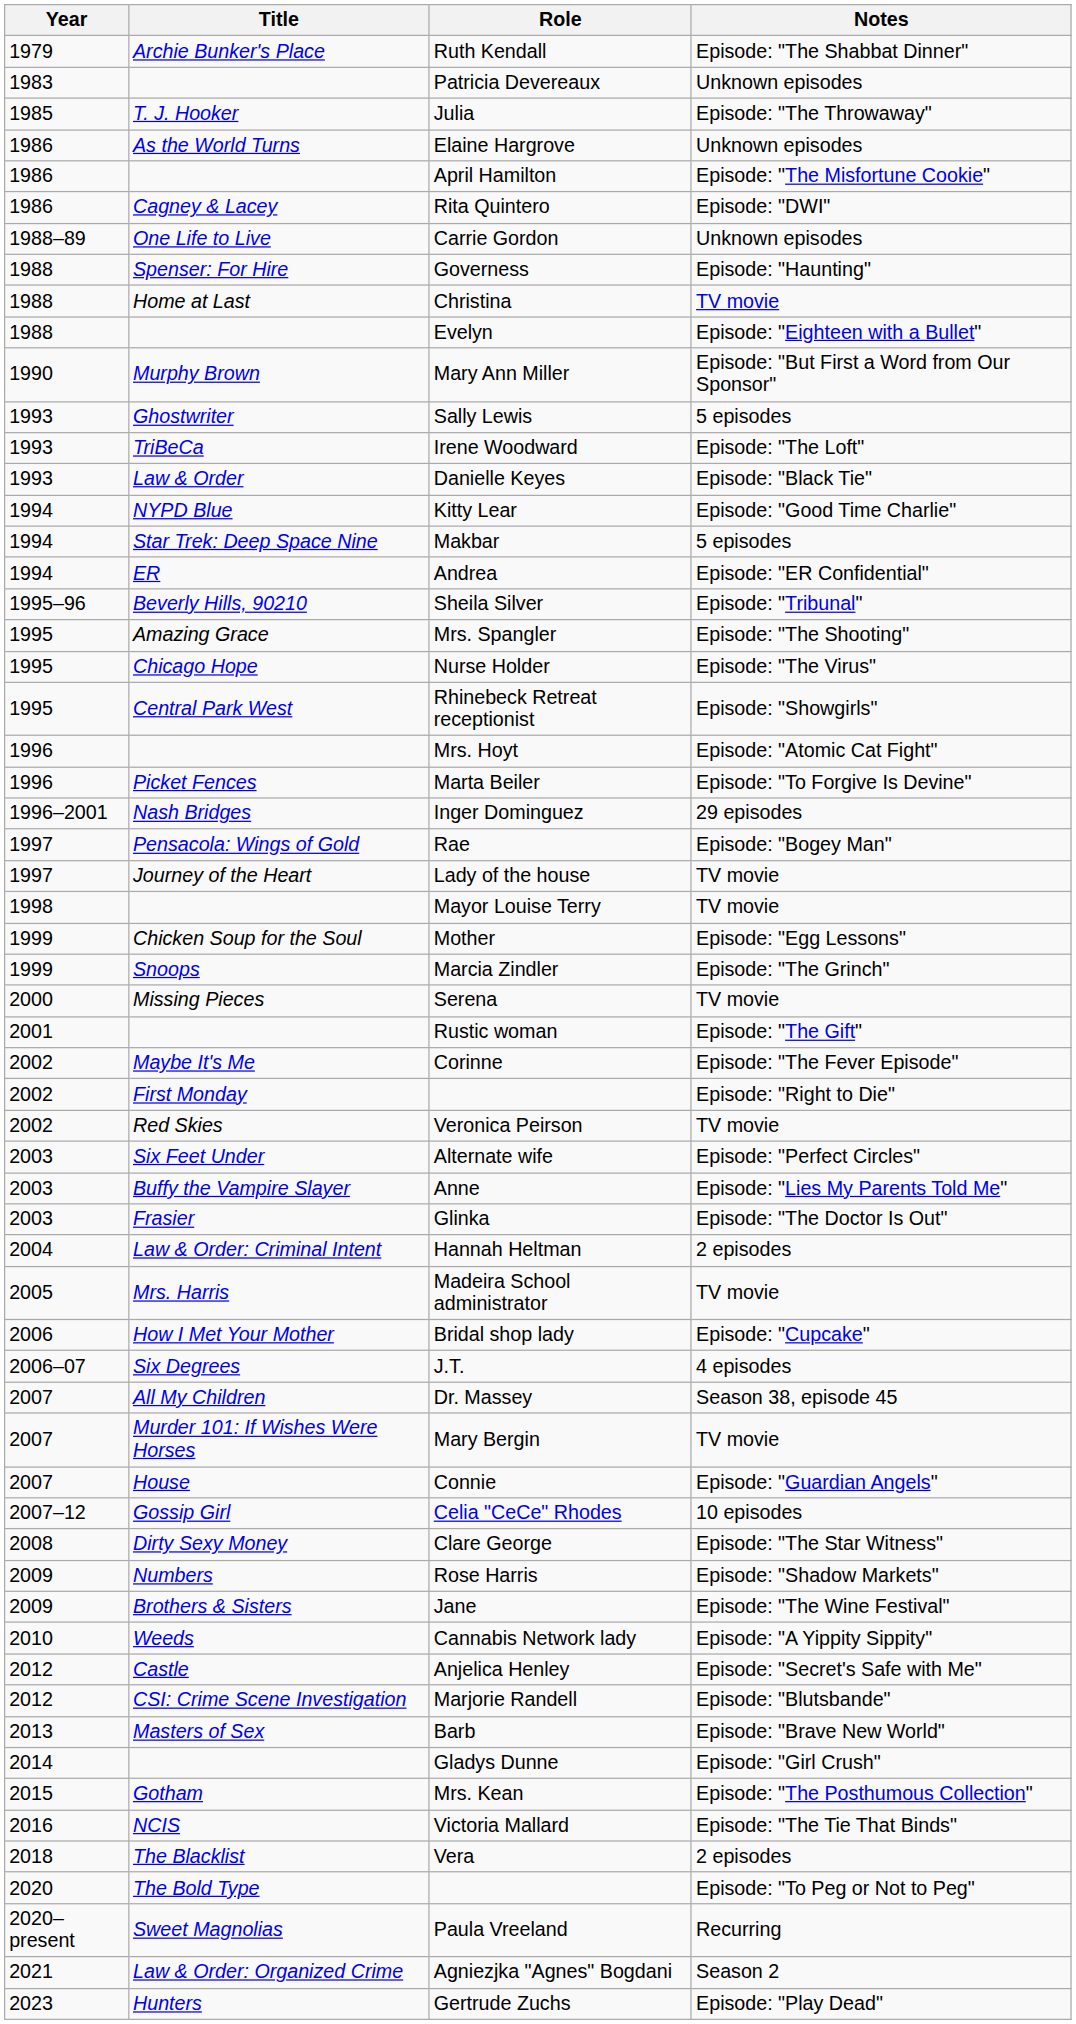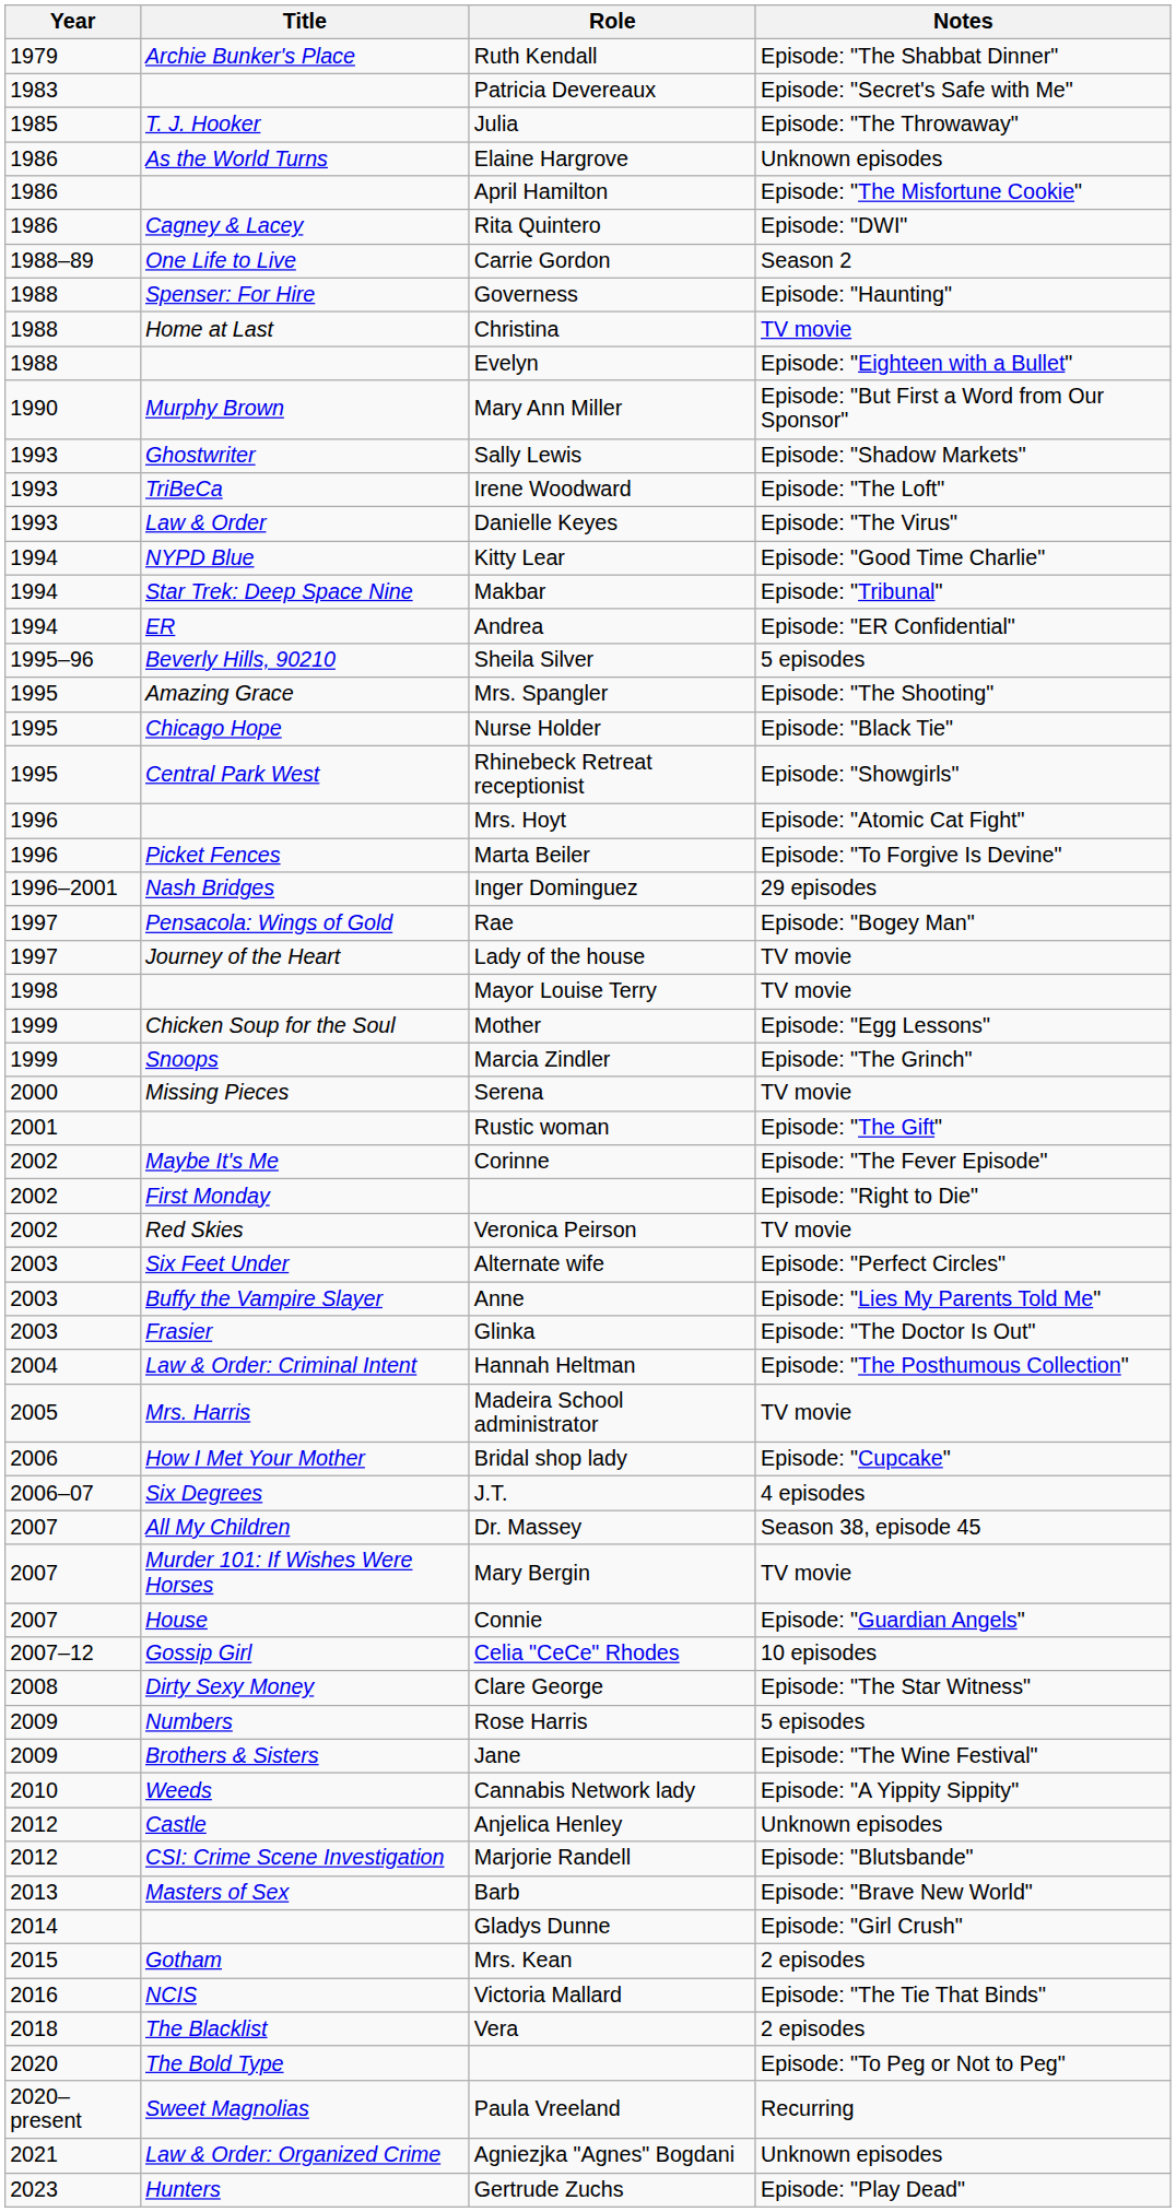 <table class="wikitable sortable">
 <tr>
 <th>Year</th>
 <th>Title</th>
 <th>Role</th>
 <th class="unsortable">Notes</th>
 </tr>
 <tr>
 <td>1979</td>
 <td><em><a href='#'>Archie Bunker's Place</a></em></td>
 <td>Ruth Kendall</td>
 <td>Episode: "The Shabbat Dinner"</td>
 </tr>
 <tr>
 <td>1983</td>
 <td><em></em></td>
 <td>Patricia Devereaux</td>
-<td>Unknown episodes</td>
+<td>Episode: "Secret's Safe with Me"</td>
 </tr>
 <tr>
 <td>1985</td>
 <td><em><a href='#'>T. J. Hooker</a></em></td>
 <td>Julia</td>
 <td>Episode: "The Throwaway"</td>
 </tr>
 <tr>
 <td>1986</td>
 <td><em><a href='#'>As the World Turns</a></em></td>
 <td>Elaine Hargrove</td>
 <td>Unknown episodes</td>
 </tr>
 <tr>
 <td>1986</td>
 <td><em></em></td>
 <td>April Hamilton</td>
 <td>Episode: "<a href='#'>The Misfortune Cookie</a>"</td>
 </tr>
 <tr>
 <td>1986</td>
 <td><em><a href='#'>Cagney & Lacey</a></em></td>
 <td>Rita Quintero</td>
 <td>Episode: "DWI"</td>
 </tr>
 <tr>
 <td>1988–89</td>
 <td><em><a href='#'>One Life to Live</a></em></td>
 <td>Carrie Gordon</td>
-<td>Unknown episodes</td>
+<td>Season 2</td>
 </tr>
 <tr>
 <td>1988</td>
 <td><em><a href='#'>Spenser: For Hire</a></em></td>
 <td>Governess</td>
 <td>Episode: "Haunting"</td>
 </tr>
 <tr>
 <td>1988</td>
 <td><em>Home at Last</em></td>
 <td>Christina</td>
 <td><a href='#'>TV movie</a></td>
 </tr>
 <tr>
 <td>1988</td>
 <td><em></em></td>
 <td>Evelyn</td>
 <td>Episode: "<a href='#'>Eighteen with a Bullet</a>"</td>
 </tr>
 <tr>
 <td>1990</td>
 <td><em><a href='#'>Murphy Brown</a></em></td>
 <td>Mary Ann Miller</td>
 <td>Episode: "But First a Word from Our Sponsor"</td>
 </tr>
 <tr>
 <td>1993</td>
 <td><em><a href='#'>Ghostwriter</a></em></td>
 <td>Sally Lewis</td>
-<td>5 episodes</td>
+<td>Episode: "Shadow Markets"</td>
 </tr>
 <tr>
 <td>1993</td>
 <td><em><a href='#'>TriBeCa</a></em></td>
 <td>Irene Woodward</td>
 <td>Episode: "The Loft"</td>
 </tr>
 <tr>
 <td>1993</td>
 <td><em><a href='#'>Law & Order</a></em></td>
 <td>Danielle Keyes</td>
-<td>Episode: "Black Tie"</td>
+<td>Episode: "The Virus"</td>
 </tr>
 <tr>
 <td>1994</td>
 <td><em><a href='#'>NYPD Blue</a></em></td>
 <td>Kitty Lear</td>
 <td>Episode: "Good Time Charlie"</td>
 </tr>
 <tr>
 <td>1994</td>
 <td><em><a href='#'>Star Trek: Deep Space Nine</a></em></td>
 <td>Makbar</td>
-<td>5 episodes</td>
+<td>Episode: "<a href='#'>Tribunal</a>"</td>
 </tr>
 <tr>
 <td>1994</td>
 <td><em><a href='#'>ER</a></em></td>
 <td>Andrea</td>
 <td>Episode: "ER Confidential"</td>
 </tr>
 <tr>
 <td>1995–96</td>
 <td><em><a href='#'>Beverly Hills, 90210</a></em></td>
 <td>Sheila Silver</td>
-<td>Episode: "<a href='#'>Tribunal</a>"</td>
+<td>5 episodes</td>
 </tr>
 <tr>
 <td>1995</td>
 <td><em>Amazing Grace</em></td>
 <td>Mrs. Spangler</td>
 <td>Episode: "The Shooting"</td>
 </tr>
 <tr>
 <td>1995</td>
 <td><em><a href='#'>Chicago Hope</a></em></td>
 <td>Nurse Holder</td>
-<td>Episode: "The Virus"</td>
+<td>Episode: "Black Tie"</td>
 </tr>
 <tr>
 <td>1995</td>
 <td><em><a href='#'>Central Park West</a></em></td>
 <td>Rhinebeck Retreat receptionist</td>
 <td>Episode: "Showgirls"</td>
 </tr>
 <tr>
 <td>1996</td>
 <td><em></em></td>
 <td>Mrs. Hoyt</td>
 <td>Episode: "Atomic Cat Fight"</td>
 </tr>
 <tr>
 <td>1996</td>
 <td><em><a href='#'>Picket Fences</a></em></td>
 <td>Marta Beiler</td>
 <td>Episode: "To Forgive Is Devine"</td>
 </tr>
 <tr>
 <td>1996–2001</td>
 <td><em><a href='#'>Nash Bridges</a></em></td>
 <td>Inger Dominguez</td>
 <td>29 episodes</td>
 </tr>
 <tr>
 <td>1997</td>
 <td><em><a href='#'>Pensacola: Wings of Gold</a></em></td>
 <td>Rae</td>
 <td>Episode: "Bogey Man"</td>
 </tr>
 <tr>
 <td>1997</td>
 <td><em>Journey of the Heart</em></td>
 <td>Lady of the house</td>
 <td>TV movie</td>
 </tr>
 <tr>
 <td>1998</td>
 <td><em></em></td>
 <td>Mayor Louise Terry</td>
 <td>TV movie</td>
 </tr>
 <tr>
 <td>1999</td>
 <td><em>Chicken Soup for the Soul</em></td>
 <td>Mother</td>
 <td>Episode: "Egg Lessons"</td>
 </tr>
 <tr>
 <td>1999</td>
 <td><em><a href='#'>Snoops</a></em></td>
 <td>Marcia Zindler</td>
 <td>Episode: "The Grinch"</td>
 </tr>
 <tr>
 <td>2000</td>
 <td><em>Missing Pieces</em></td>
 <td>Serena</td>
 <td>TV movie</td>
 </tr>
 <tr>
 <td>2001</td>
 <td><em></em></td>
 <td>Rustic woman</td>
 <td>Episode: "<a href='#'>The Gift</a>"</td>
 </tr>
 <tr>
 <td>2002</td>
 <td><em><a href='#'>Maybe It's Me</a></em></td>
 <td>Corinne</td>
 <td>Episode: "The Fever Episode"</td>
 </tr>
 <tr>
 <td>2002</td>
 <td><em><a href='#'>First Monday</a></em></td>
 <td></td>
 <td>Episode: "Right to Die"</td>
 </tr>
 <tr>
 <td>2002</td>
 <td><em>Red Skies</em></td>
 <td>Veronica Peirson</td>
 <td>TV movie</td>
 </tr>
 <tr>
 <td>2003</td>
 <td><em><a href='#'>Six Feet Under</a></em></td>
 <td>Alternate wife</td>
 <td>Episode: "Perfect Circles"</td>
 </tr>
 <tr>
 <td>2003</td>
 <td><em><a href='#'>Buffy the Vampire Slayer</a></em></td>
 <td>Anne</td>
 <td>Episode: "<a href='#'>Lies My Parents Told Me</a>"</td>
 </tr>
 <tr>
 <td>2003</td>
 <td><em><a href='#'>Frasier</a></em></td>
 <td>Glinka</td>
 <td>Episode: "The Doctor Is Out"</td>
 </tr>
 <tr>
 <td>2004</td>
 <td><em><a href='#'>Law & Order: Criminal Intent</a></em></td>
 <td>Hannah Heltman</td>
-<td>2 episodes</td>
+<td>Episode: "<a href='#'>The Posthumous Collection</a>"</td>
 </tr>
 <tr>
 <td>2005</td>
 <td><em><a href='#'>Mrs. Harris</a></em></td>
 <td>Madeira School administrator</td>
 <td>TV movie</td>
 </tr>
 <tr>
 <td>2006</td>
 <td><em><a href='#'>How I Met Your Mother</a></em></td>
 <td>Bridal shop lady</td>
 <td>Episode: "<a href='#'>Cupcake</a>"</td>
 </tr>
 <tr>
 <td>2006–07</td>
 <td><em><a href='#'>Six Degrees</a></em></td>
 <td>J.T.</td>
 <td>4 episodes</td>
 </tr>
 <tr>
 <td>2007</td>
 <td><em><a href='#'>All My Children</a></em></td>
 <td>Dr. Massey</td>
 <td>Season 38, episode 45</td>
 </tr>
 <tr>
 <td>2007</td>
 <td><em><a href='#'>Murder 101: If Wishes Were Horses</a></em></td>
 <td>Mary Bergin</td>
 <td>TV movie</td>
 </tr>
 <tr>
 <td>2007</td>
 <td><em><a href='#'>House</a></em></td>
 <td>Connie</td>
 <td>Episode: "<a href='#'>Guardian Angels</a>"</td>
 </tr>
 <tr>
 <td>2007–12</td>
 <td><em><a href='#'>Gossip Girl</a></em></td>
 <td><a href='#'>Celia "CeCe" Rhodes</a></td>
 <td>10 episodes</td>
 </tr>
 <tr>
 <td>2008</td>
 <td><em><a href='#'>Dirty Sexy Money</a></em></td>
 <td>Clare George</td>
 <td>Episode: "The Star Witness"</td>
 </tr>
 <tr>
 <td>2009</td>
 <td><em><a href='#'>Numbers</a></em></td>
 <td>Rose Harris</td>
-<td>Episode: "Shadow Markets"</td>
+<td>5 episodes</td>
 </tr>
 <tr>
 <td>2009</td>
 <td><em><a href='#'>Brothers & Sisters</a></em></td>
 <td>Jane</td>
 <td>Episode: "The Wine Festival"</td>
 </tr>
 <tr>
 <td>2010</td>
 <td><em><a href='#'>Weeds</a></em></td>
 <td>Cannabis Network lady</td>
 <td>Episode: "A Yippity Sippity"</td>
 </tr>
 <tr>
 <td>2012</td>
 <td><em><a href='#'>Castle</a></em></td>
 <td>Anjelica Henley</td>
-<td>Episode: "Secret's Safe with Me"</td>
+<td>Unknown episodes</td>
 </tr>
 <tr>
 <td>2012</td>
 <td><em><a href='#'>CSI: Crime Scene Investigation</a></em></td>
 <td>Marjorie Randell</td>
 <td>Episode: "Blutsbande"</td>
 </tr>
 <tr>
 <td>2013</td>
 <td><em><a href='#'>Masters of Sex</a></em></td>
 <td>Barb</td>
 <td>Episode: "Brave New World"</td>
 </tr>
 <tr>
 <td>2014</td>
 <td><em></em></td>
 <td>Gladys Dunne</td>
 <td>Episode: "Girl Crush"</td>
 </tr>
 <tr>
 <td>2015</td>
 <td><em><a href='#'>Gotham</a></em></td>
 <td>Mrs. Kean</td>
-<td>Episode: "<a href='#'>The Posthumous Collection</a>"</td>
+<td>2 episodes</td>
 </tr>
 <tr>
 <td>2016</td>
 <td><em><a href='#'>NCIS</a></em></td>
 <td>Victoria Mallard</td>
 <td>Episode: "The Tie That Binds"</td>
 </tr>
 <tr>
 <td>2018</td>
 <td><em><a href='#'>The Blacklist</a></em></td>
 <td>Vera</td>
 <td>2 episodes</td>
 </tr>
 <tr>
 <td>2020</td>
 <td><em><a href='#'>The Bold Type</a></em></td>
 <td></td>
 <td>Episode: "To Peg or Not to Peg"</td>
 </tr>
 <tr>
 <td>2020–present</td>
 <td><em><a href='#'>Sweet Magnolias</a></em></td>
 <td>Paula Vreeland</td>
 <td>Recurring</td>
 </tr>
 <tr>
 <td>2021</td>
 <td><em><a href='#'>Law & Order: Organized Crime</a></em></td>
 <td>Agniezjka "Agnes" Bogdani</td>
-<td>Season 2</td>
+<td>Unknown episodes</td>
 </tr>
 <tr>
 <td>2023</td>
 <td><em><a href='#'>Hunters</a></em></td>
 <td>Gertrude Zuchs</td>
 <td>Episode: "Play Dead"</td>
 </tr>
 </table>
